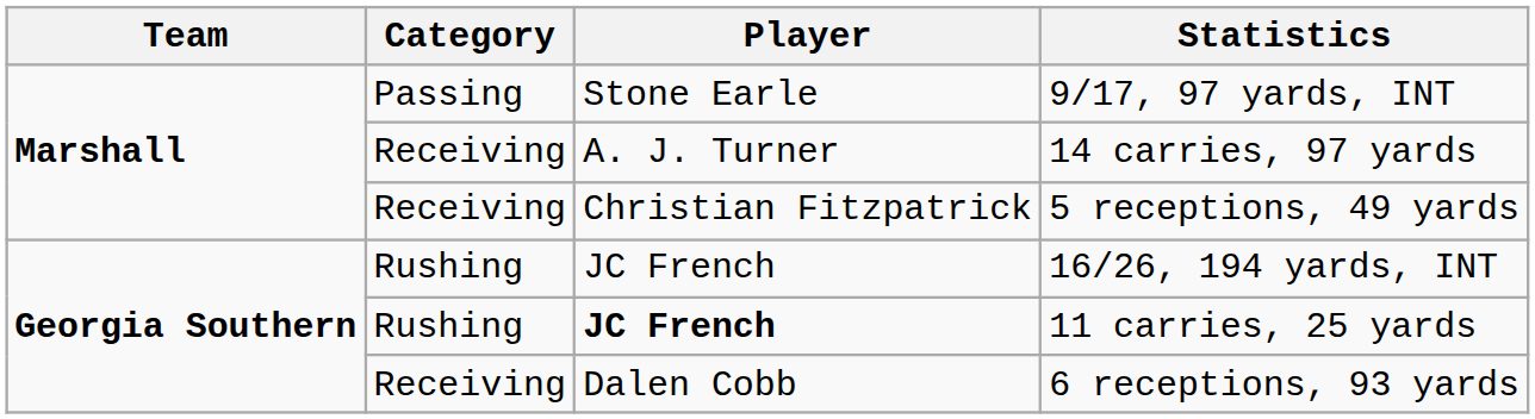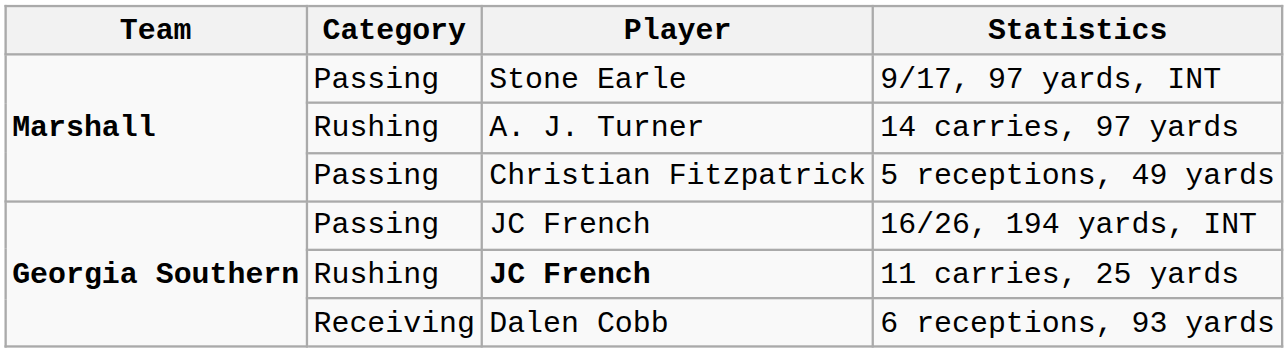 <table class="wikitable" style="float: right;">
 <tr>
 <th>Team</th>
 <th>Category</th>
 <th>Player</th>
 <th>Statistics</th>
 </tr>
 <tr>
 <td rowspan=3><strong>Marshall</strong></td>
 <td>Passing</td>
 <td>Stone Earle</td>
 <td>9/17, 97 yards, INT</td>
 </tr>
 <tr>
-<td>Receiving</td>
+<td>Rushing</td>
 <td>A. J. Turner</td>
 <td>14 carries, 97 yards</td>
 </tr>
 <tr>
-<td>Receiving</td>
+<td>Passing</td>
 <td>Christian Fitzpatrick</td>
 <td>5 receptions, 49 yards</td>
 </tr>
 <tr>
 <td rowspan=3><strong>Georgia Southern</strong></td>
-<td>Rushing</td>
+<td>Passing</td>
 <td>JC French</td>
 <td>16/26, 194 yards, INT</td>
 </tr>
 <tr>
 <td>Rushing</td>
 <td><strong>JC French</strong></td>
 <td>11 carries, 25 yards</td>
 </tr>
 <tr>
 <td>Receiving</td>
 <td>Dalen Cobb</td>
 <td>6 receptions, 93 yards</td>
 </tr>
 </table>
